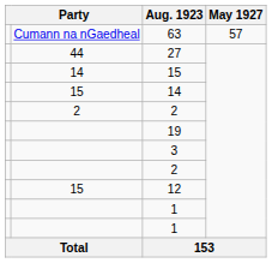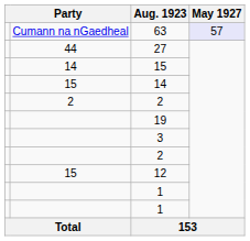 <table class="wikitable" style="font-size: 95%;">
 <tr>
 <th colspan=2>Party</th>
 <th>Aug. 1923</th>
 <th>May 1927</th>
 </tr>
 <tr>
 <td style="background-color: "></td>
 <td><a href='#'>Cumann na nGaedheal</a></td>
 <td align="center">63</td>
-<td align="center">57</td>
+<td align="center" style="background: lavender;">57</td>
 </tr>
 <tr>
 <td></td>
 <td align="center">44</td>
 <td align="center">27</td>
 </tr>
 <tr>
 <td></td>
 <td align="center">14</td>
 <td align="center">15</td>
 </tr>
 <tr>
 <td></td>
 <td align="center">15</td>
 <td align="center">14</td>
 </tr>
 <tr>
 <td></td>
 <td align="center">2</td>
 <td align="center">2</td>
 </tr>
 <tr>
 <td></td>
 <td></td>
 <td align="center">19</td>
 </tr>
 <tr>
 <td></td>
 <td></td>
 <td align="center">3</td>
 </tr>
 <tr>
 <td></td>
 <td></td>
 <td align="center">2</td>
 </tr>
 <tr>
 <td></td>
 <td align="center">15</td>
 <td align="center">12</td>
 </tr>
 <tr>
 <td></td>
 <td></td>
 <td align="center">1</td>
 </tr>
 <tr>
 <td></td>
 <td></td>
 <td align="center">1</td>
 </tr>
 <tr>
 <th colspan="2">Total</th>
 <th colspan="2" align="center">153</th>
 </tr>
 </table>
